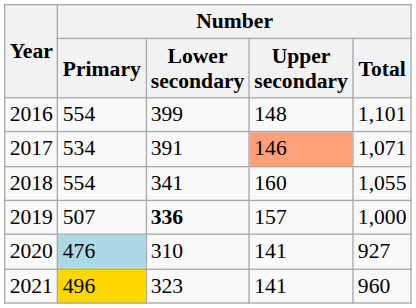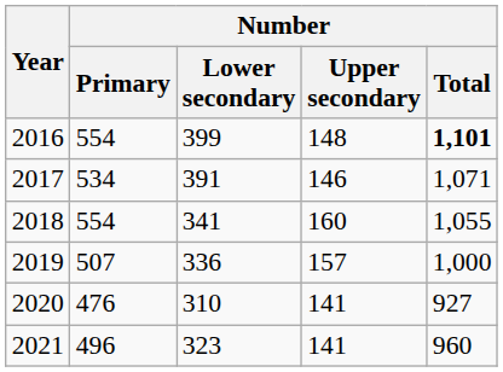 <table class="wikitable sortable">
 <tr>
 <th rowspan="2">Year</th>
 <th colspan="4">Number</th>
 </tr>
 <tr>
 <th>Primary</th>
 <th>Lower<br>secondary</th>
 <th>Upper<br>secondary</th>
 <th>Total</th>
 </tr>
 <tr>
 <td>2016</td>
 <td>554</td>
 <td>399</td>
 <td>148</td>
-<td>1,101</td>
+<td><strong>1,101</strong></td>
 </tr>
 <tr>
 <td>2017</td>
 <td>534</td>
 <td>391</td>
-<td style="background: lightsalmon;">146</td>
+<td>146</td>
 <td>1,071</td>
 </tr>
 <tr>
 <td>2018</td>
 <td>554</td>
 <td>341</td>
 <td>160</td>
 <td>1,055</td>
 </tr>
 <tr>
 <td>2019</td>
 <td>507</td>
-<td><strong>336</strong></td>
+<td>336</td>
 <td>157</td>
 <td>1,000</td>
 </tr>
 <tr>
 <td>2020</td>
-<td style="background: lightblue;">476</td>
+<td>476</td>
 <td>310</td>
 <td>141</td>
 <td>927</td>
 </tr>
 <tr>
 <td>2021</td>
-<td style="background: gold;">496</td>
+<td>496</td>
 <td>323</td>
 <td>141</td>
 <td>960</td>
 </tr>
 </table>
